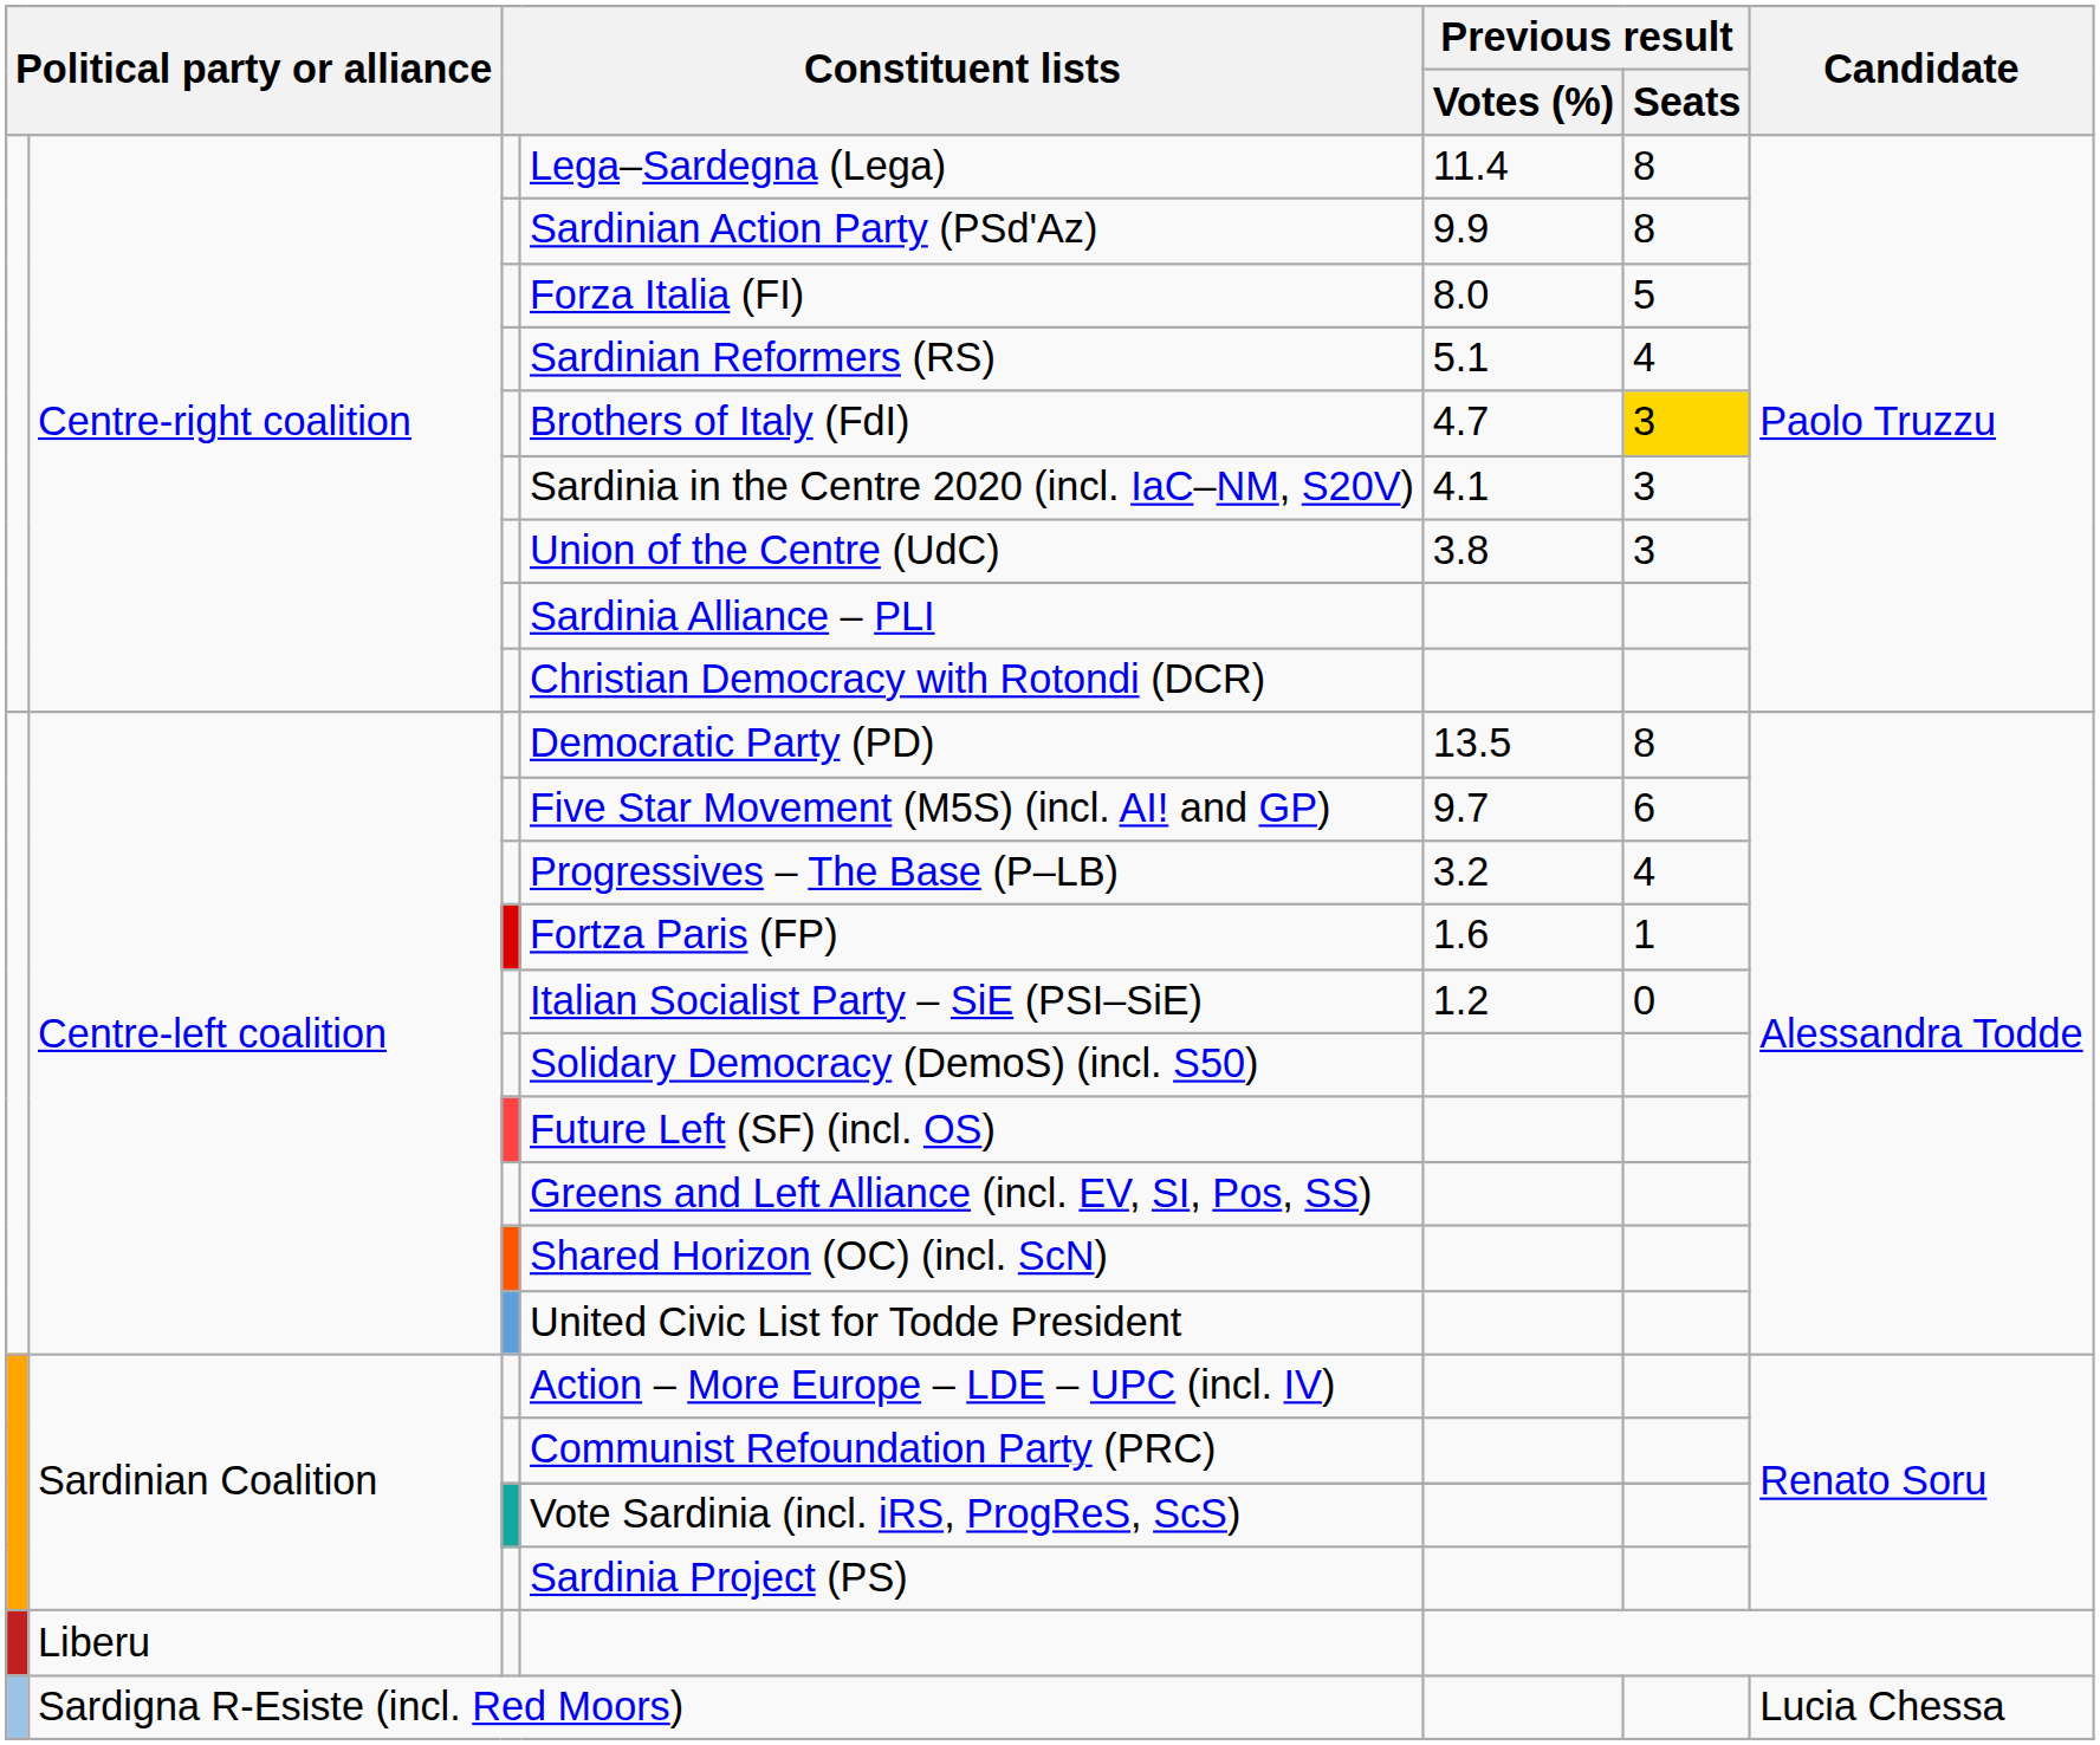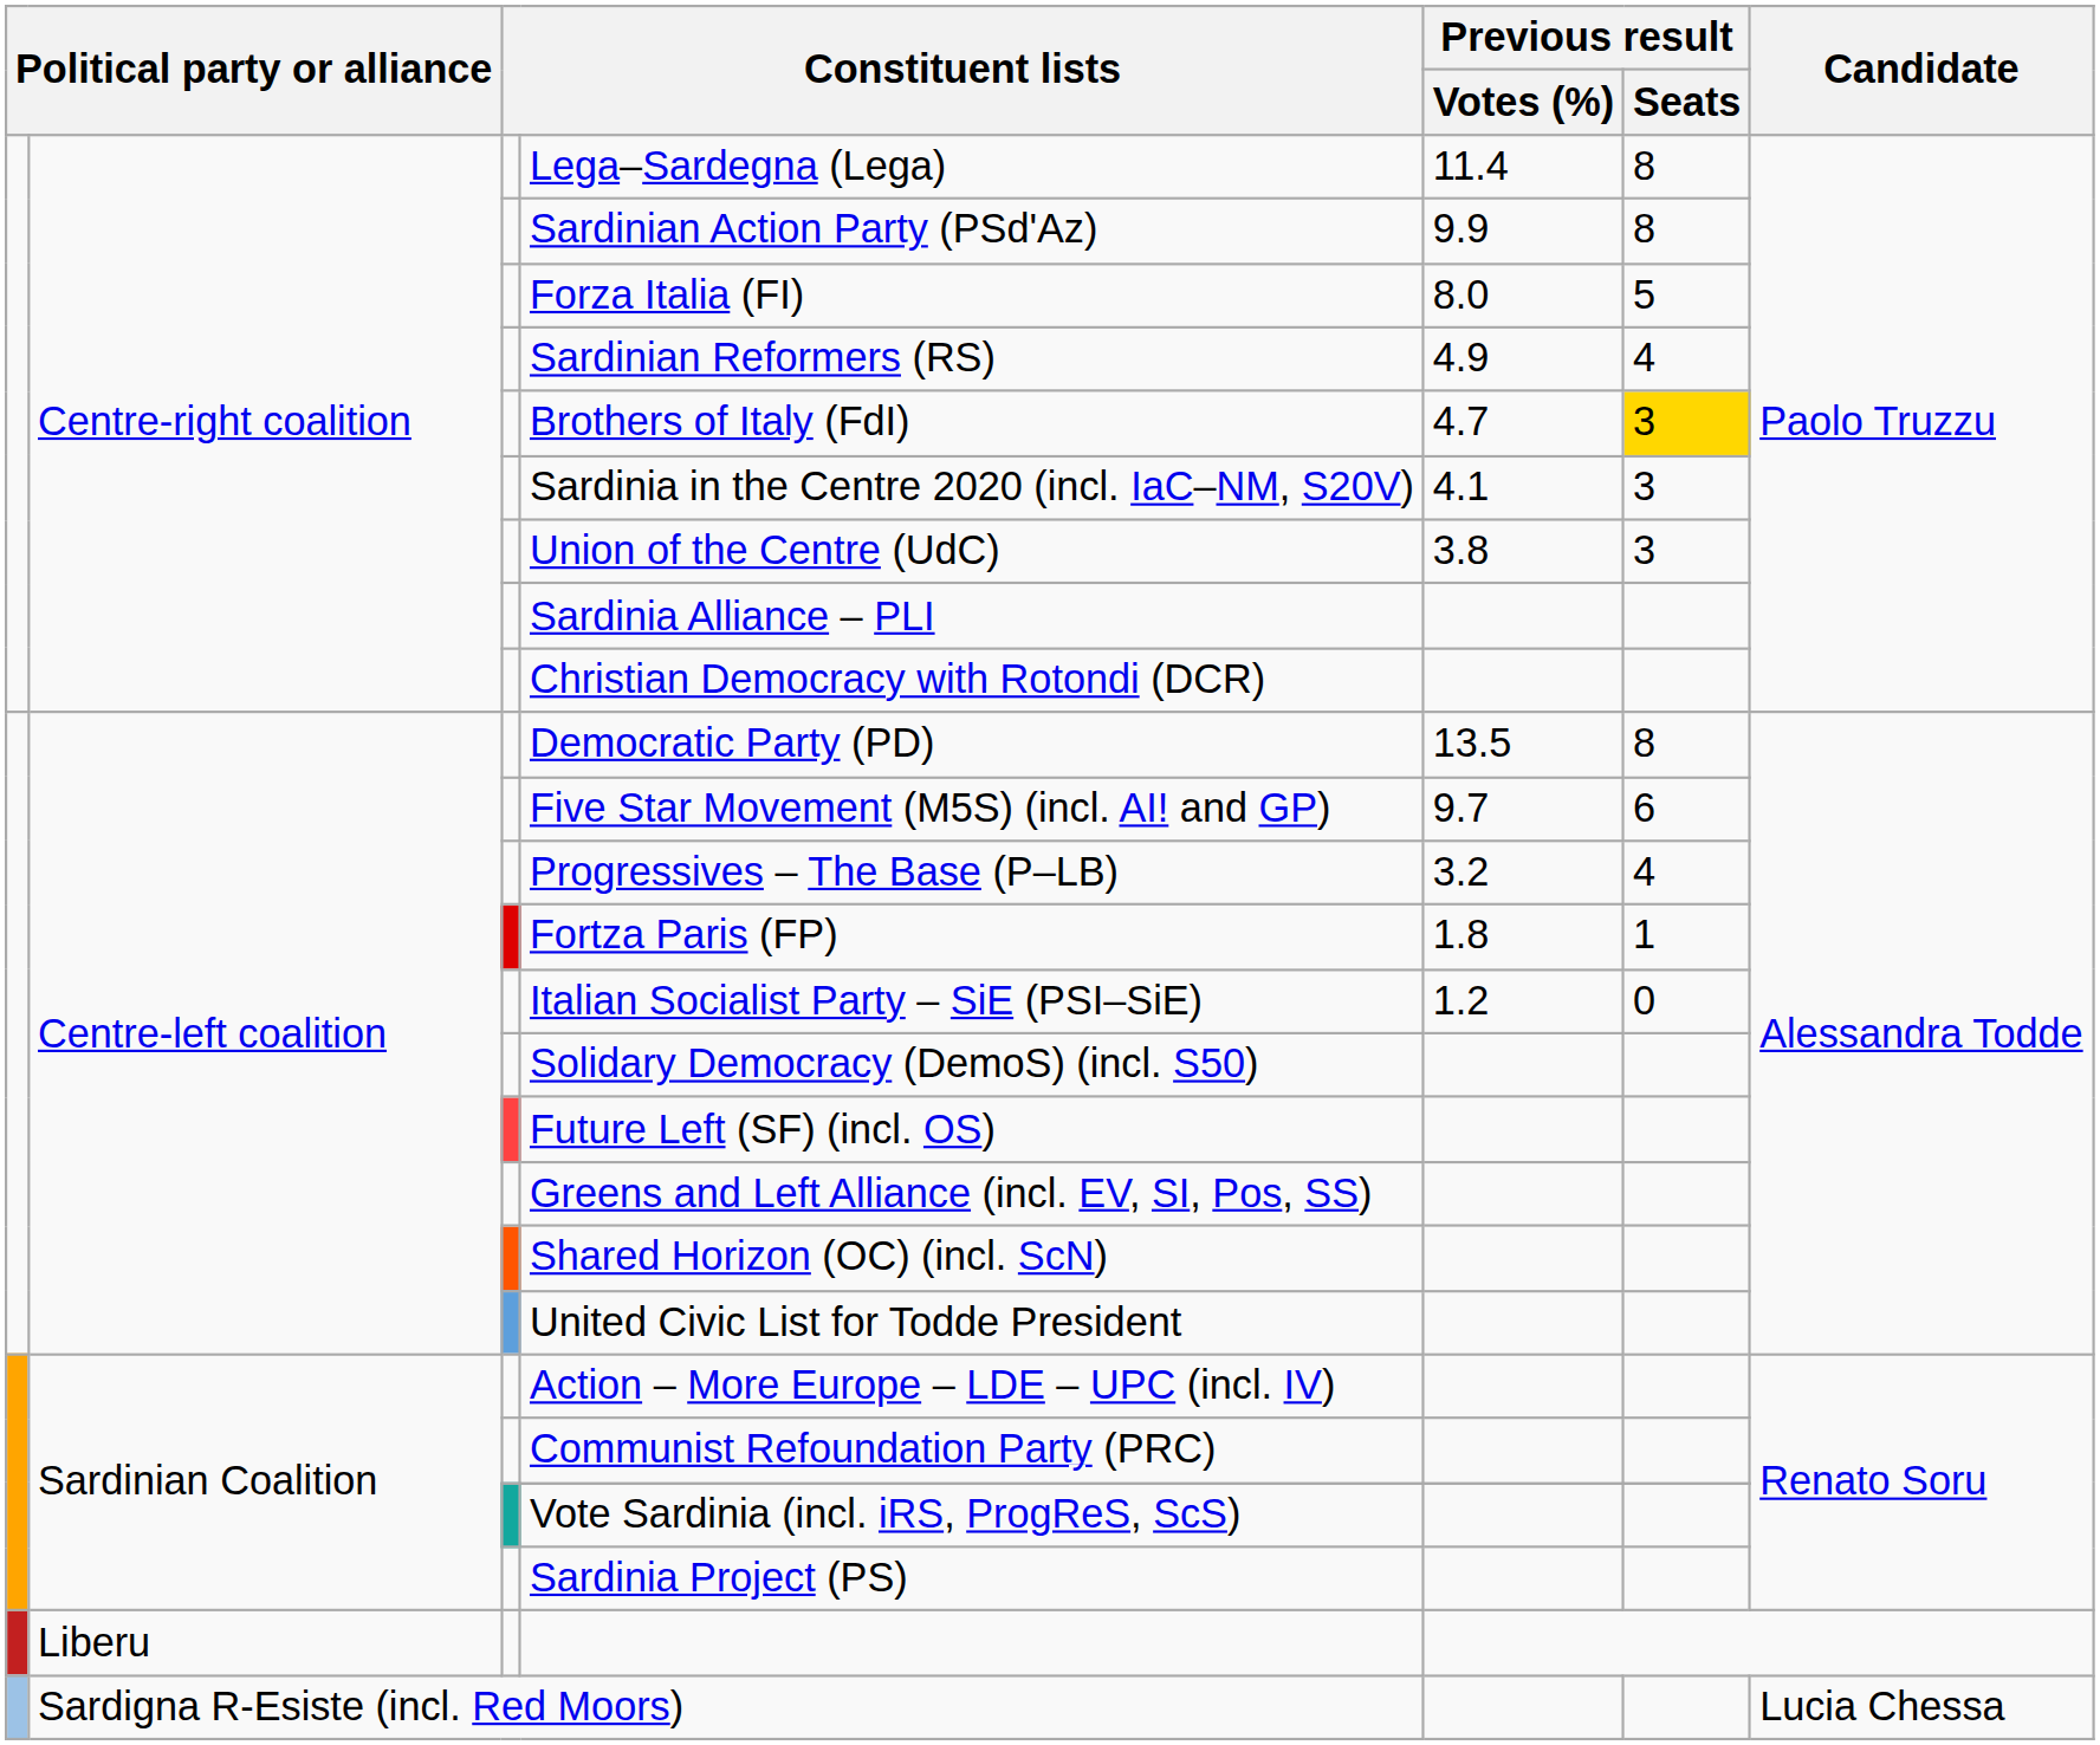 <table class="wikitable" style="text-align:left">
 <tr>
 <th colspan=2 rowspan="2">Political party or alliance</th>
 <th colspan=2 rowspan="2">Constituent lists</th>
 <th colspan="2">Previous result</th>
 <th colspan="2" rowspan="2">Candidate</th>
 </tr>
 <tr>
 <th>Votes (%)</th>
 <th>Seats</th>
 </tr>
 <tr>
 <td rowspan=9></td>
 <td rowspan=9><a href='#'>Centre-right coalition</a></td>
 <td></td>
 <td><a href='#'>Lega</a>–<a href='#'>Sardegna</a> (Lega)</td>
 <td>11.4</td>
 <td>8</td>
 <td rowspan=9><a href='#'>Paolo Truzzu</a></td>
 </tr>
 <tr>
 <td style="background-color:"></td>
 <td><a href='#'>Sardinian Action Party</a> (PSd'Az)</td>
 <td>9.9</td>
 <td>8</td>
 </tr>
 <tr>
 <td style="background-color:"></td>
 <td><a href='#'>Forza Italia</a> (FI)</td>
 <td>8.0</td>
 <td>5</td>
 </tr>
 <tr>
 <td style="background-color:"></td>
 <td><a href='#'>Sardinian Reformers</a> (RS)</td>
-<td>5.1</td>
+<td>4.9</td>
 <td>4</td>
 </tr>
 <tr>
 <td style="background-color:"></td>
 <td><a href='#'>Brothers of Italy</a> (FdI)</td>
 <td>4.7</td>
 <td style="background: gold;">3</td>
 </tr>
 <tr>
 <td style="background-color:"></td>
 <td>Sardinia in the Centre 2020 (incl. <a href='#'>IaC</a>–<a href='#'>NM</a>, <a href='#'>S20V</a>)</td>
 <td>4.1</td>
 <td>3</td>
 </tr>
 <tr>
 <td style="background-color:"></td>
 <td><a href='#'>Union of the Centre</a> (UdC)</td>
 <td>3.8</td>
 <td>3</td>
 </tr>
 <tr>
 <td style="background-color:"></td>
 <td><a href='#'>Sardinia Alliance</a> – <a href='#'>PLI</a></td>
 <td></td>
 <td></td>
 </tr>
 <tr>
 <td style="background-color:"></td>
 <td><a href='#'>Christian Democracy with Rotondi</a> (DCR)</td>
 <td></td>
 <td></td>
 </tr>
 <tr>
 <td rowspan=10></td>
 <td rowspan=10><a href='#'>Centre-left coalition</a></td>
 <td></td>
 <td><a href='#'>Democratic Party</a> (PD)</td>
 <td>13.5</td>
 <td>8</td>
 <td rowspan=10><a href='#'>Alessandra Todde</a></td>
 </tr>
 <tr>
 <td style="background-color:"></td>
 <td><a href='#'>Five Star Movement</a> (M5S) (incl. <a href='#'>AI!</a> and <a href='#'>GP</a>)</td>
 <td>9.7</td>
 <td>6</td>
 </tr>
 <tr>
 <td style="background-color:"></td>
 <td><a href='#'>Progressives</a> – <a href='#'>The Base</a> (P–LB)</td>
 <td>3.2</td>
 <td>4</td>
 </tr>
 <tr>
 <td style="background-color:#DE0000"></td>
 <td><a href='#'>Fortza Paris</a> (FP)</td>
-<td>1.6</td>
+<td>1.8</td>
 <td>1</td>
 </tr>
 <tr>
 <td style="background-color:"></td>
 <td><a href='#'>Italian Socialist Party</a> – <a href='#'>SiE</a> (PSI–SiE)</td>
 <td>1.2</td>
 <td>0</td>
 </tr>
 <tr>
 <td style="background-color:"></td>
 <td><a href='#'>Solidary Democracy</a> (DemoS) (incl. <a href='#'>S50</a>)</td>
 <td></td>
 <td></td>
 </tr>
 <tr>
 <td style="background-color:#FF4242"></td>
 <td><a href='#'>Future Left</a> (SF) (incl. <a href='#'>OS</a>)</td>
 <td></td>
 <td></td>
 </tr>
 <tr>
 <td style="background-color:"></td>
 <td><a href='#'>Greens and Left Alliance</a> (incl. <a href='#'>EV</a>, <a href='#'>SI</a>, <a href='#'>Pos</a>, <a href='#'>SS</a>)</td>
 <td></td>
 <td></td>
 </tr>
 <tr>
 <td style="background-color:#ff5500"></td>
 <td><a href='#'>Shared Horizon</a> (OC) (incl. <a href='#'>ScN</a>)</td>
 <td></td>
 <td></td>
 </tr>
 <tr>
 <td style="background-color:#5d9fdc"></td>
 <td>United Civic List for Todde President</td>
 <td></td>
 <td></td>
 </tr>
 <tr>
 <td rowspan=5 bgcolor="#FFA500"></td>
 <td rowspan=5>Sardinian Coalition</td>
 <td></td>
 <td><a href='#'>Action</a> – <a href='#'>More Europe</a> – <a href='#'>LDE</a> – <a href='#'>UPC</a> (incl. <a href='#'>IV</a>)</td>
 <td></td>
 <td></td>
 <td rowspan=5><a href='#'>Renato Soru</a></td>
 </tr>
 <tr>
 <td></td>
 <td><a href='#'>Communist Refoundation Party</a> (PRC)</td>
 <td></td>
 <td></td>
 </tr>
 <tr>
 </tr>
 <tr>
 <td bgcolor="#12A89E"></td>
 <td>Vote Sardinia (incl. <a href='#'>iRS</a>, <a href='#'>ProgReS</a>, <a href='#'>ScS</a>)</td>
 <td></td>
 <td></td>
 </tr>
 <tr>
 <td></td>
 <td><a href='#'>Sardinia Project</a> (PS)</td>
 <td></td>
 <td></td>
 </tr>
 <tr>
 <td bgcolor="#c2202"></td>
 <td>Liberu</td>
 <td></td>
 <td></td>
 </tr>
 <tr>
 <td bgcolor="#9cc2e6"></td>
 <td colspan=3>Sardigna R-Esiste (incl. <a href='#'>Red Moors</a>)</td>
 <td></td>
 <td></td>
 <td>Lucia Chessa</td>
 </tr>
 </table>
